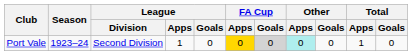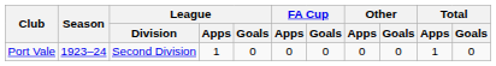 <table class="wikitable" style="text-align:center">
 <tr>
 <th rowspan="2">Club</th>
 <th rowspan="2">Season</th>
 <th colspan="3">League</th>
 <th colspan="2"><a href='#'>FA Cup</a></th>
 <th colspan="2">Other</th>
 <th colspan="2">Total</th>
 </tr>
 <tr>
 <th>Division</th>
 <th>Apps</th>
 <th>Goals</th>
 <th>Apps</th>
 <th>Goals</th>
 <th>Apps</th>
 <th>Goals</th>
 <th>Apps</th>
 <th>Goals</th>
 </tr>
 <tr>
 <td><a href='#'>Port Vale</a></td>
 <td><a href='#'>1923–24</a></td>
 <td><a href='#'>Second Division</a></td>
 <td>1</td>
 <td>0</td>
-<td style="background: gold;">0</td>
-<td style="background: lightgrey;">0</td>
-<td style="background: paleturquoise;">0</td>
+<td>0</td>
+<td>0</td>
+<td>0</td>
 <td>0</td>
 <td>1</td>
 <td>0</td>
 </tr>
 </table>
